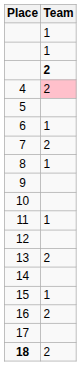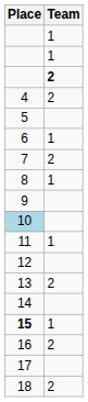 <table class="wikitable">
 <tr>
 <th>Place</th>
 <th>Team</th>
 </tr>
 <tr>
 <td align=center></td>
 <td> 1</td>
 </tr>
 <tr>
 <td align=center></td>
 <td> 1</td>
 </tr>
 <tr>
 <td align=center></td>
 <td><strong> 2</strong></td>
 </tr>
 <tr>
 <td align=center>4</td>
-<td style="background: pink;"> 2</td>
+<td> 2</td>
 </tr>
 <tr>
 <td align=center>5</td>
 <td></td>
 </tr>
 <tr>
 <td align=center>6</td>
 <td> 1</td>
 </tr>
 <tr>
 <td align=center>7</td>
 <td> 2</td>
 </tr>
 <tr>
 <td align=center>8</td>
 <td> 1</td>
 </tr>
 <tr>
 <td align=center>9</td>
 <td></td>
 </tr>
 <tr>
-<td align=center>10</td>
+<td align=center style="background: lightblue;">10</td>
 <td></td>
 </tr>
 <tr>
 <td align=center>11</td>
 <td> 1</td>
 </tr>
 <tr>
 <td align=center>12</td>
 <td></td>
 </tr>
 <tr>
 <td align=center>13</td>
 <td> 2</td>
 </tr>
 <tr>
 <td align=center>14</td>
 <td></td>
 </tr>
 <tr>
-<td align=center>15</td>
+<td align=center><strong>15</strong></td>
 <td> 1</td>
 </tr>
 <tr>
 <td align=center>16</td>
 <td> 2</td>
 </tr>
 <tr>
 <td align=center>17</td>
 <td></td>
 </tr>
 <tr>
-<td align=center><strong>18</strong></td>
+<td align=center>18</td>
 <td> 2</td>
 </tr>
 </table>
